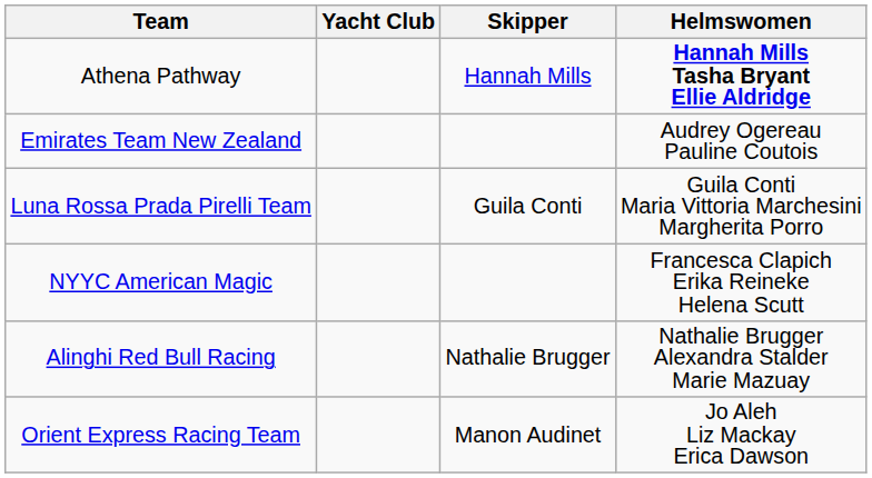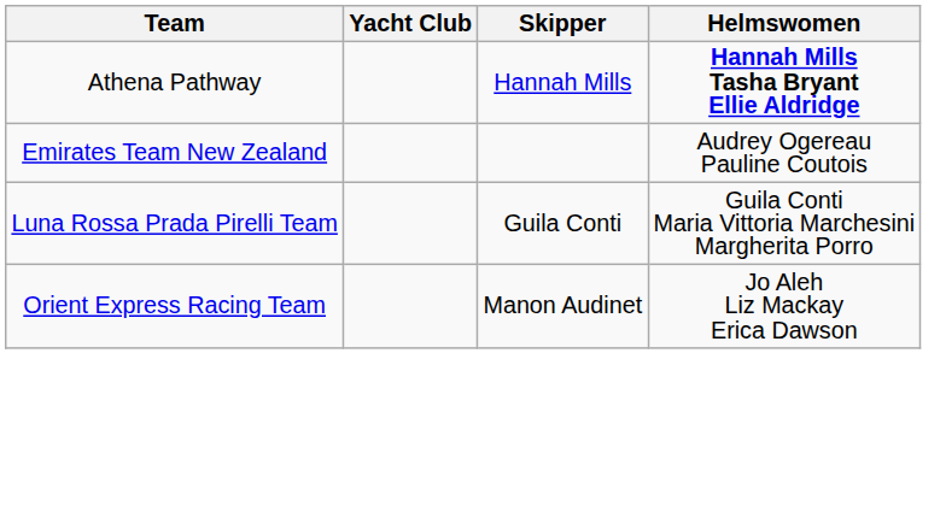 <table class="wikitable" style="font-size:10pt;line-height:1.0;line-width:2.0;text-align: center;">
 <tr>
 <th>Team</th>
 <th>Yacht Club</th>
 <th>Skipper</th>
 <th>Helmswomen</th>
 </tr>
 <tr>
 <td> Athena Pathway</td>
 <td></td>
 <td><a href='#'>Hannah Mills</a></td>
 <td><strong><a href='#'>Hannah Mills</a> <br> Tasha Bryant <br> <a href='#'>Ellie Aldridge</a></strong></td>
 </tr>
 <tr>
 <td> <a href='#'>Emirates Team New Zealand</a></td>
 <td></td>
 <td></td>
 <td>Audrey Ogereau <br> Pauline Coutois</td>
 </tr>
 <tr>
 <td> <a href='#'>Luna Rossa Prada Pirelli Team</a></td>
 <td></td>
 <td>Guila Conti</td>
 <td>Guila Conti <br> Maria Vittoria Marchesini <br> Margherita Porro</td>
 </tr>
 <tr>
-<td> <a href='#'>NYYC American Magic</a></td>
-<td></td>
-<td></td>
-<td>Francesca Clapich <br> Erika Reineke <br> Helena Scutt</td>
-</tr>
-<tr>
-<td> <a href='#'>Alinghi Red Bull Racing</a></td>
-<td></td>
-<td>Nathalie Brugger</td>
-<td>Nathalie Brugger <br> Alexandra Stalder <br> Marie Mazuay</td>
-</tr>
-<tr>
 <td> <a href='#'>Orient Express Racing Team</a></td>
 <td></td>
 <td>Manon Audinet</td>
 <td>Jo Aleh <br> Liz Mackay <br> Erica Dawson</td>
 </tr>
 </table>
